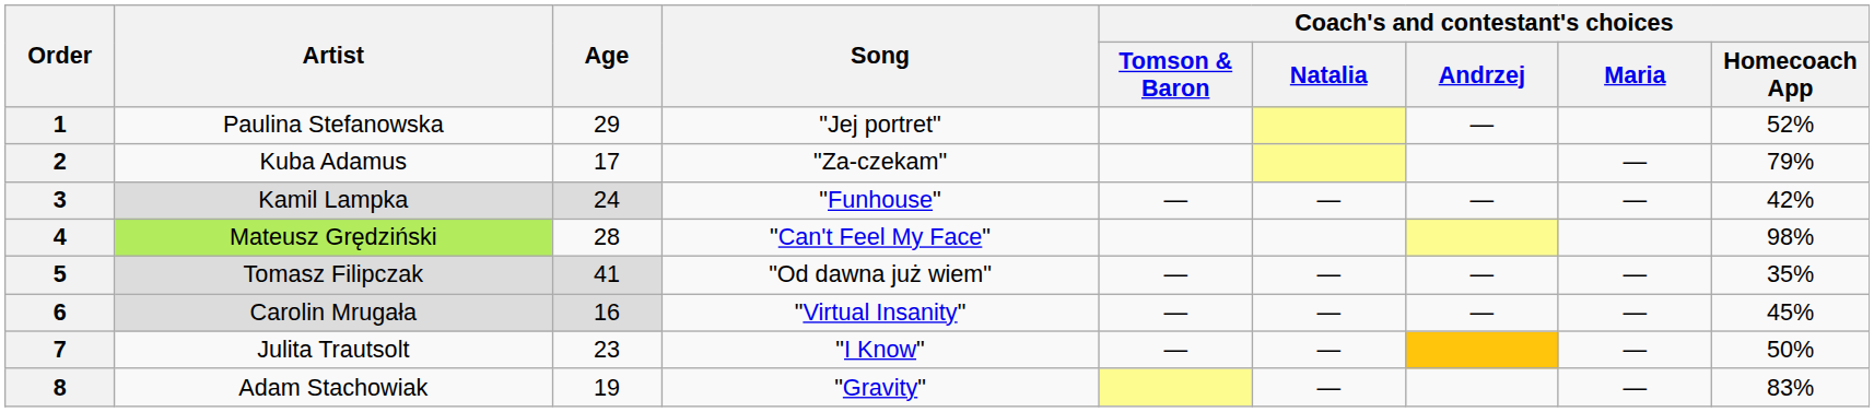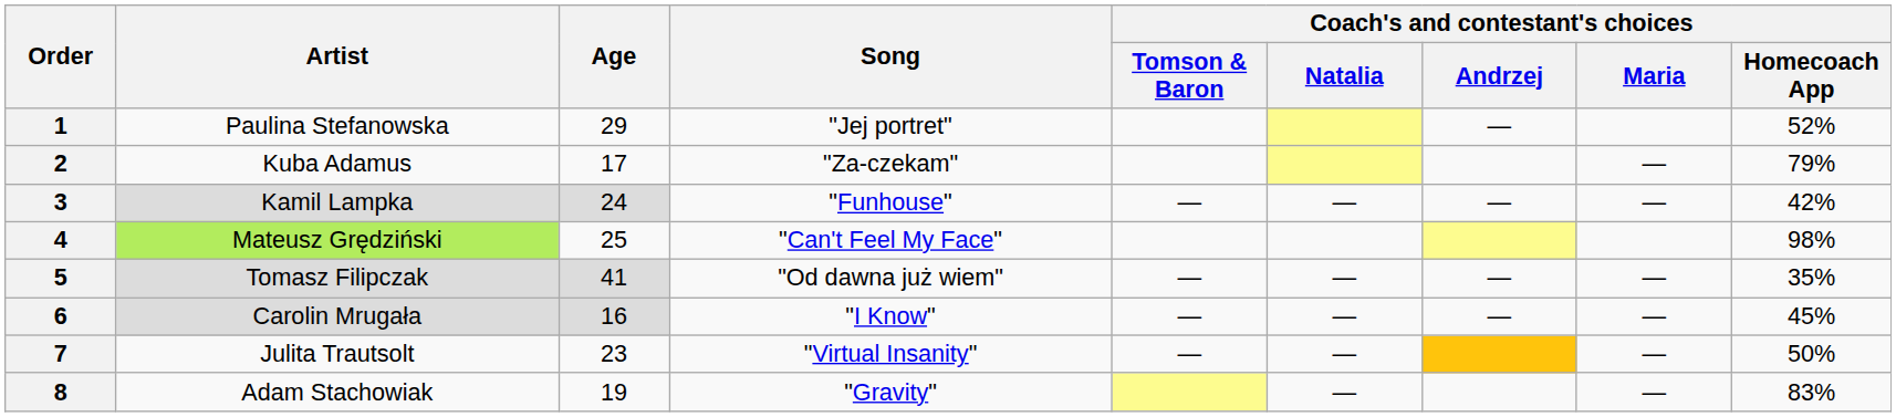 <table class="wikitable" style="text-align:center; width:100%;">
 <tr>
 <th scope="col" rowspan="2" style="width:05%;">Order</th>
 <th scope="col" rowspan="2" style="width:20%;">Artist</th>
 <th scope="col" rowspan="2" style="width:05%;">Age</th>
 <th scope="col" rowspan="2" style="width:20%;">Song</th>
 <th scope="col" colspan="5" style="width:32%;">Coach's and contestant's choices</th>
 </tr>
 <tr>
 <th style="width:07%;"><a href='#'>Tomson & Baron</a></th>
 <th style="width:07%;"><a href='#'>Natalia</a></th>
 <th style="width:07%;"><a href='#'>Andrzej</a></th>
 <th style="width:07%;"><a href='#'>Maria</a></th>
 <th style="width:04%;">Homecoach App</th>
 </tr>
 <tr>
 <th>1</th>
 <td>Paulina Stefanowska</td>
 <td>29</td>
 <td>"Jej portret"</td>
 <td><strong></strong></td>
 <td style="background:#fdfc8f;"><strong></strong></td>
 <td>—</td>
 <td><strong></strong></td>
 <td>52%</td>
 </tr>
 <tr>
 <th>2</th>
 <td>Kuba Adamus</td>
 <td>17</td>
 <td>"Za-czekam"</td>
 <td><strong></strong></td>
 <td style="background:#fdfc8f;"><strong></strong></td>
 <td><strong></strong></td>
 <td>—</td>
 <td>79%</td>
 </tr>
 <tr>
 <th>3</th>
 <td style="background:#DCDCDC;">Kamil Lampka</td>
 <td style="background:#DCDCDC;">24</td>
 <td>"<a href='#'>Funhouse</a>"</td>
 <td>—</td>
 <td>—</td>
 <td>—</td>
 <td>—</td>
 <td>42%</td>
 </tr>
 <tr>
 <th>4</th>
 <td style="background-color:#B2EC5D;">Mateusz Grędziński</td>
-<td>28</td>
+<td>25</td>
 <td>"<a href='#'>Can't Feel My Face</a>"</td>
 <td><strong></strong></td>
 <td><strong></strong></td>
 <td style="background:#fdfc8f;"><strong></strong></td>
 <td><strong></strong></td>
 <td>98%</td>
 </tr>
 <tr>
 <th>5</th>
 <td style="background:#DCDCDC;">Tomasz Filipczak</td>
 <td style="background:#DCDCDC;">41</td>
 <td>"Od dawna już wiem"</td>
 <td>—</td>
 <td>—</td>
 <td>—</td>
 <td>—</td>
 <td>35%</td>
 </tr>
 <tr>
 <th>6</th>
 <td style="background:#DCDCDC;">Carolin Mrugała</td>
 <td style="background:#DCDCDC;">16</td>
-<td>"<a href='#'>Virtual Insanity</a>"</td>
+<td>"<a href='#'>I Know</a>"</td>
 <td>—</td>
 <td>—</td>
 <td>—</td>
 <td>—</td>
 <td>45%</td>
 </tr>
 <tr>
 <th>7</th>
 <td>Julita Trautsolt</td>
 <td>23</td>
-<td>"<a href='#'>I Know</a>"</td>
+<td>"<a href='#'>Virtual Insanity</a>"</td>
 <td>—</td>
 <td>—</td>
 <td style="background:#FFC40C;"><strong></strong></td>
 <td>—</td>
 <td>50%</td>
 </tr>
 <tr>
 <th>8</th>
 <td>Adam Stachowiak</td>
 <td>19</td>
 <td>"<a href='#'>Gravity</a>"</td>
 <td style="background:#fdfc8f;"><strong></strong></td>
 <td>—</td>
 <td><strong></strong></td>
 <td>—</td>
 <td>83%</td>
 </tr>
 </table>
